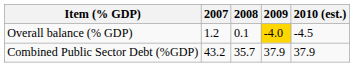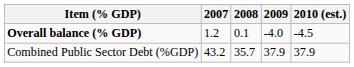 <table class="wikitable">
 <tr>
 <th>Item (% GDP)</th>
 <th>2007</th>
 <th>2008</th>
 <th>2009</th>
 <th>2010 (est.)</th>
 </tr>
 <tr>
-<td>Overall balance (% GDP)</td>
+<td><strong>Overall balance (% GDP)</strong></td>
 <td>1.2</td>
 <td>0.1</td>
-<td style="background: gold;">-4.0</td>
+<td>-4.0</td>
 <td>-4.5</td>
 </tr>
 <tr>
 <td>Combined Public Sector Debt (%GDP)</td>
 <td>43.2</td>
 <td>35.7</td>
 <td>37.9</td>
 <td>37.9</td>
 </tr>
 </table>
